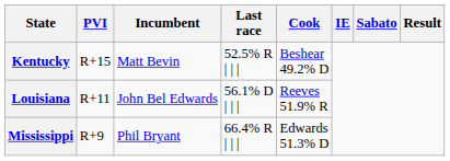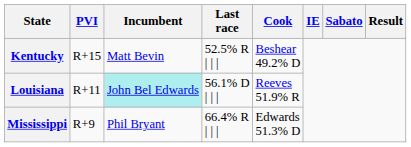 <table class="wikitable sortable">
 <tr>
 <th>State</th>
 <th><a href='#'>PVI</a></th>
 <th>Incumbent</th>
 <th>Last<br>race</th>
 <th scope="col"><a href='#'>Cook</a><br></th>
 <th><a href='#'>IE</a><br></th>
 <th><a href='#'>Sabato</a><br></th>
 <th>Result</th>
 </tr>
 <tr>
 <th><a href='#'>Kentucky</a></th>
 <td>R+15</td>
 <td><a href='#'>Matt Bevin</a></td>
 <td>52.5% R<br>| | |</td>
 <td><a href='#'>Beshear</a><br>49.2% D </td>
 </tr>
 <tr>
 <th><a href='#'>Louisiana</a></th>
 <td>R+11</td>
-<td><a href='#'>John Bel Edwards</a></td>
+<td style="background: paleturquoise;"><a href='#'>John Bel Edwards</a></td>
 <td>56.1% D<br>| | |</td>
 <td><a href='#'>Reeves</a><br>51.9% R</td>
 </tr>
 <tr>
 <th><a href='#'>Mississippi</a></th>
 <td>R+9</td>
 <td><a href='#'>Phil Bryant</a> </td>
 <td>66.4% R<br>| | |</td>
 <td>Edwards<br>51.3% D</td>
 </tr>
 </table>
